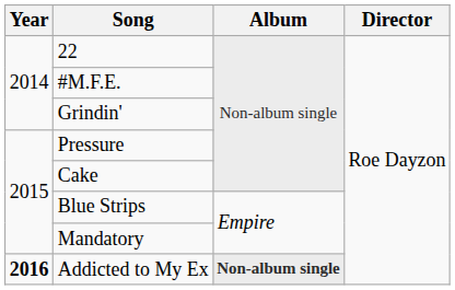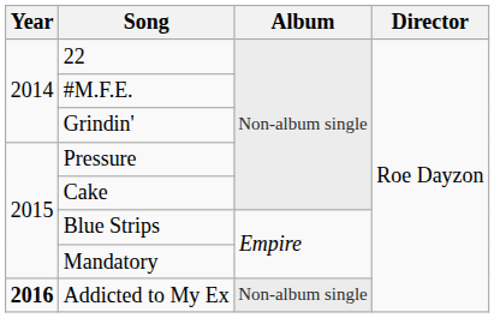 <table class="wikitable sortable">
 <tr>
 <th>Year</th>
 <th>Song</th>
 <th>Album</th>
 <th>Director</th>
 </tr>
 <tr>
 <td style="text-align:left;" rowspan="3">2014</td>
 <td>22 <br></td>
 <td rowspan="5" style="background: #ececec; color: #2C2C2C; vertical-align: middle; font-size: smaller; text-align: center; " class="table-na">Non-album single</td>
 <td style="text-align:left;" rowspan="8">Roe Dayzon</td>
 </tr>
 <tr>
 <td>#M.F.E. <br></td>
 </tr>
 <tr>
 <td>Grindin' <br></td>
 </tr>
 <tr>
 <td style="text-align:left;" rowspan="4">2015</td>
 <td>Pressure <br></td>
 </tr>
 <tr>
 <td>Cake <br></td>
 </tr>
 <tr>
 <td>Blue Strips <br></td>
 <td style="text-align:left;" rowspan="2"><em>Empire</em></td>
 </tr>
 <tr>
 <td>Mandatory <br></td>
 </tr>
 <tr>
 <td><strong>2016</strong></td>
 <td>Addicted to My Ex <br></td>
-<td rowspan="1" style="background: #ececec; color: #2C2C2C; vertical-align: middle; font-size: smaller; text-align: center; " class="table-na"><strong>Non-album single</strong></td>
+<td rowspan="1" style="background: #ececec; color: #2C2C2C; vertical-align: middle; font-size: smaller; text-align: center; " class="table-na">Non-album single</td>
 </tr>
 </table>
